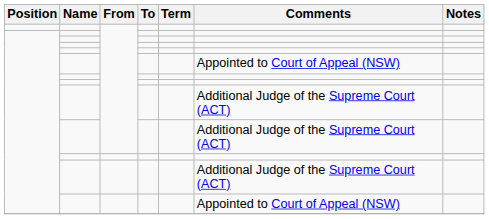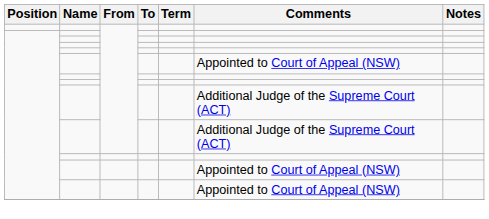 <table class="wikitable sortable" border="1" ||>
 <tr>
 <th>Position<br></th>
 <th>Name</th>
 <th>From</th>
 <th>To</th>
 <th>Term</th>
 <th class="unsortable">Comments</th>
 <th class="unsortable">Notes</th>
 </tr>
 <tr valign="top">
 <td></td>
 <td></td>
 <td rowspan="10" align="middle"></td>
 <td align="middle"></td>
 <td></td>
 <td></td>
 <td></td>
 </tr>
 <tr valign="top">
 <td rowspan="12"></td>
 <td></td>
 <td align="middle"></td>
 <td align=right></td>
 <td></td>
 <td></td>
 </tr>
 <tr>
 <td></td>
 <td align="middle"></td>
 <td align=right></td>
 <td></td>
 <td></td>
 </tr>
 <tr>
 <td></td>
 <td align="middle"></td>
 <td align=right></td>
 <td></td>
 <td></td>
 </tr>
 <tr>
 <td> </td>
 <td align="middle"></td>
 <td align=right></td>
 <td></td>
 <td></td>
 </tr>
 <tr>
 <td></td>
 <td align="middle"></td>
 <td align=right></td>
 <td>Appointed to <a href='#'>Court of Appeal (NSW)</a></td>
 <td></td>
 </tr>
 <tr>
 <td></td>
 <td align="middle"></td>
 <td align=right></td>
 <td></td>
 <td></td>
 </tr>
 <tr>
 <td></td>
 <td align="middle"></td>
 <td align=right></td>
 <td></td>
 <td></td>
 </tr>
 <tr>
 <td></td>
 <td align="middle"></td>
 <td align=right></td>
 <td>Additional Judge of the <a href='#'>Supreme Court (ACT)</a></td>
 <td></td>
 </tr>
 <tr>
 <td></td>
 <td align="middle"></td>
 <td align=right></td>
 <td>Additional Judge of the <a href='#'>Supreme Court (ACT)</a></td>
 <td></td>
 </tr>
 <tr>
 <td></td>
 <td align="middle"></td>
 <td align="middle"></td>
 <td align=right></td>
 <td></td>
 <td></td>
 </tr>
 <tr>
 <td></td>
 <td align="middle"></td>
 <td align="middle"></td>
 <td align=right></td>
-<td>Additional Judge of the <a href='#'>Supreme Court (ACT)</a></td>
+<td>Appointed to <a href='#'>Court of Appeal (NSW)</a></td>
 <td></td>
 </tr>
 <tr>
 <td></td>
 <td align="middle"></td>
 <td align="middle"></td>
 <td align=right></td>
 <td>Appointed to <a href='#'>Court of Appeal (NSW)</a></td>
 <td></td>
 </tr>
 <tr>
 </tr>
 </table>
